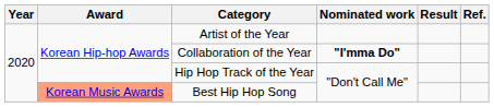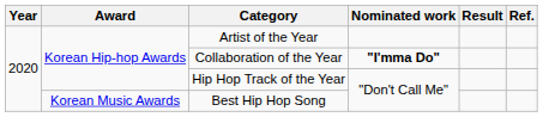 <table class="wikitable plainrowheaders" style="text-align:center;">
 <tr>
 <th>Year</th>
 <th>Award</th>
 <th>Category</th>
 <th>Nominated work</th>
 <th>Result</th>
 <th>Ref.</th>
 </tr>
 <tr>
 <td rowspan="4">2020</td>
 <td rowspan="3"><a href='#'>Korean Hip-hop Awards</a></td>
 <td>Artist of the Year</td>
 <td></td>
 <td></td>
 <td></td>
 </tr>
 <tr>
 <td>Collaboration of the Year</td>
 <td><strong>"I'mma Do"<br></strong></td>
 <td></td>
 <td></td>
 </tr>
 <tr>
 <td>Hip Hop Track of the Year</td>
 <td rowspan="2">"Don't Call Me"</td>
 <td></td>
 <td></td>
 </tr>
 <tr>
-<td style="background: lightsalmon;"><a href='#'>Korean Music Awards</a></td>
+<td><a href='#'>Korean Music Awards</a></td>
 <td>Best Hip Hop Song</td>
 <td></td>
 <td></td>
 </tr>
 </table>
